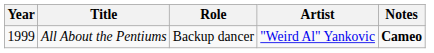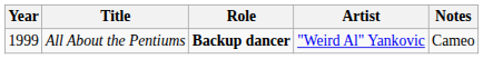 <table class="wikitable">
 <tr>
 <th>Year</th>
 <th>Title</th>
 <th>Role</th>
 <th>Artist</th>
 <th>Notes</th>
 </tr>
 <tr>
 <td>1999</td>
 <td><em>All About the Pentiums</em></td>
-<td>Backup dancer</td>
+<td><strong>Backup dancer</strong></td>
 <td><a href='#'>"Weird Al" Yankovic</a></td>
-<td><strong>Cameo</strong></td>
+<td>Cameo</td>
 </tr>
 </table>
